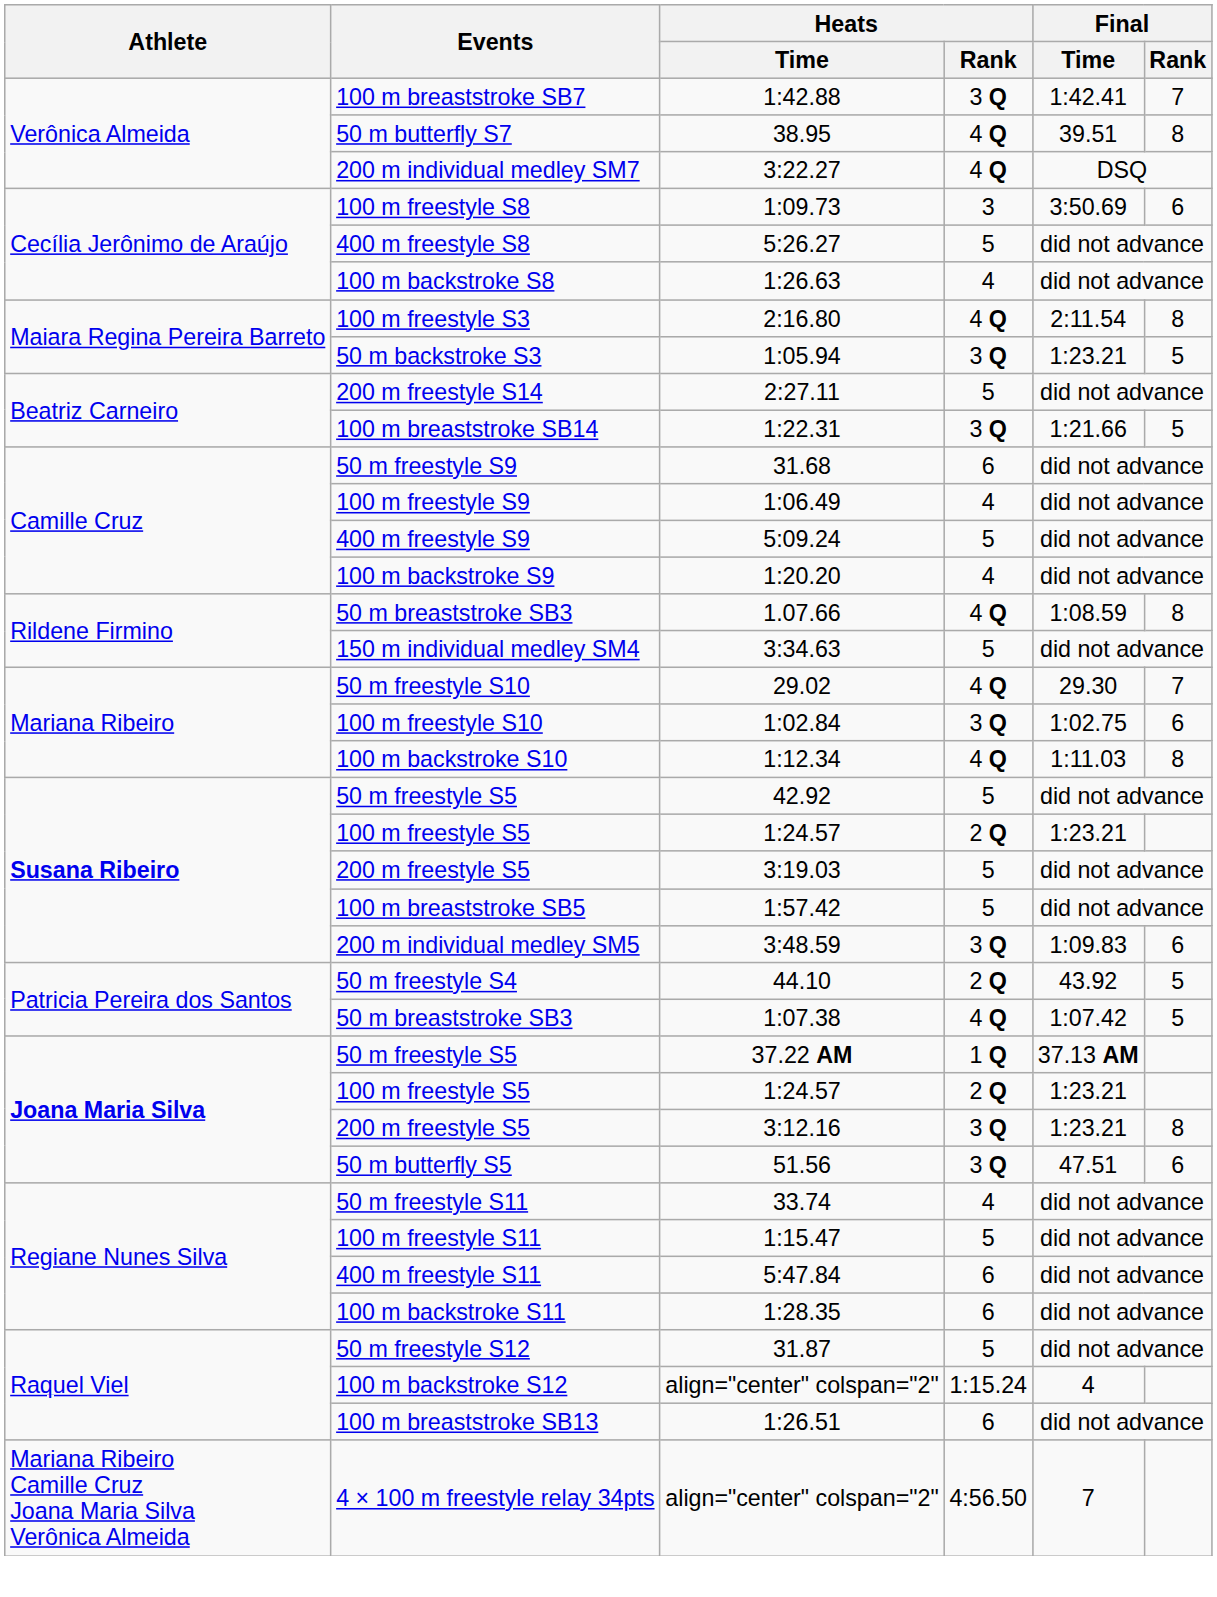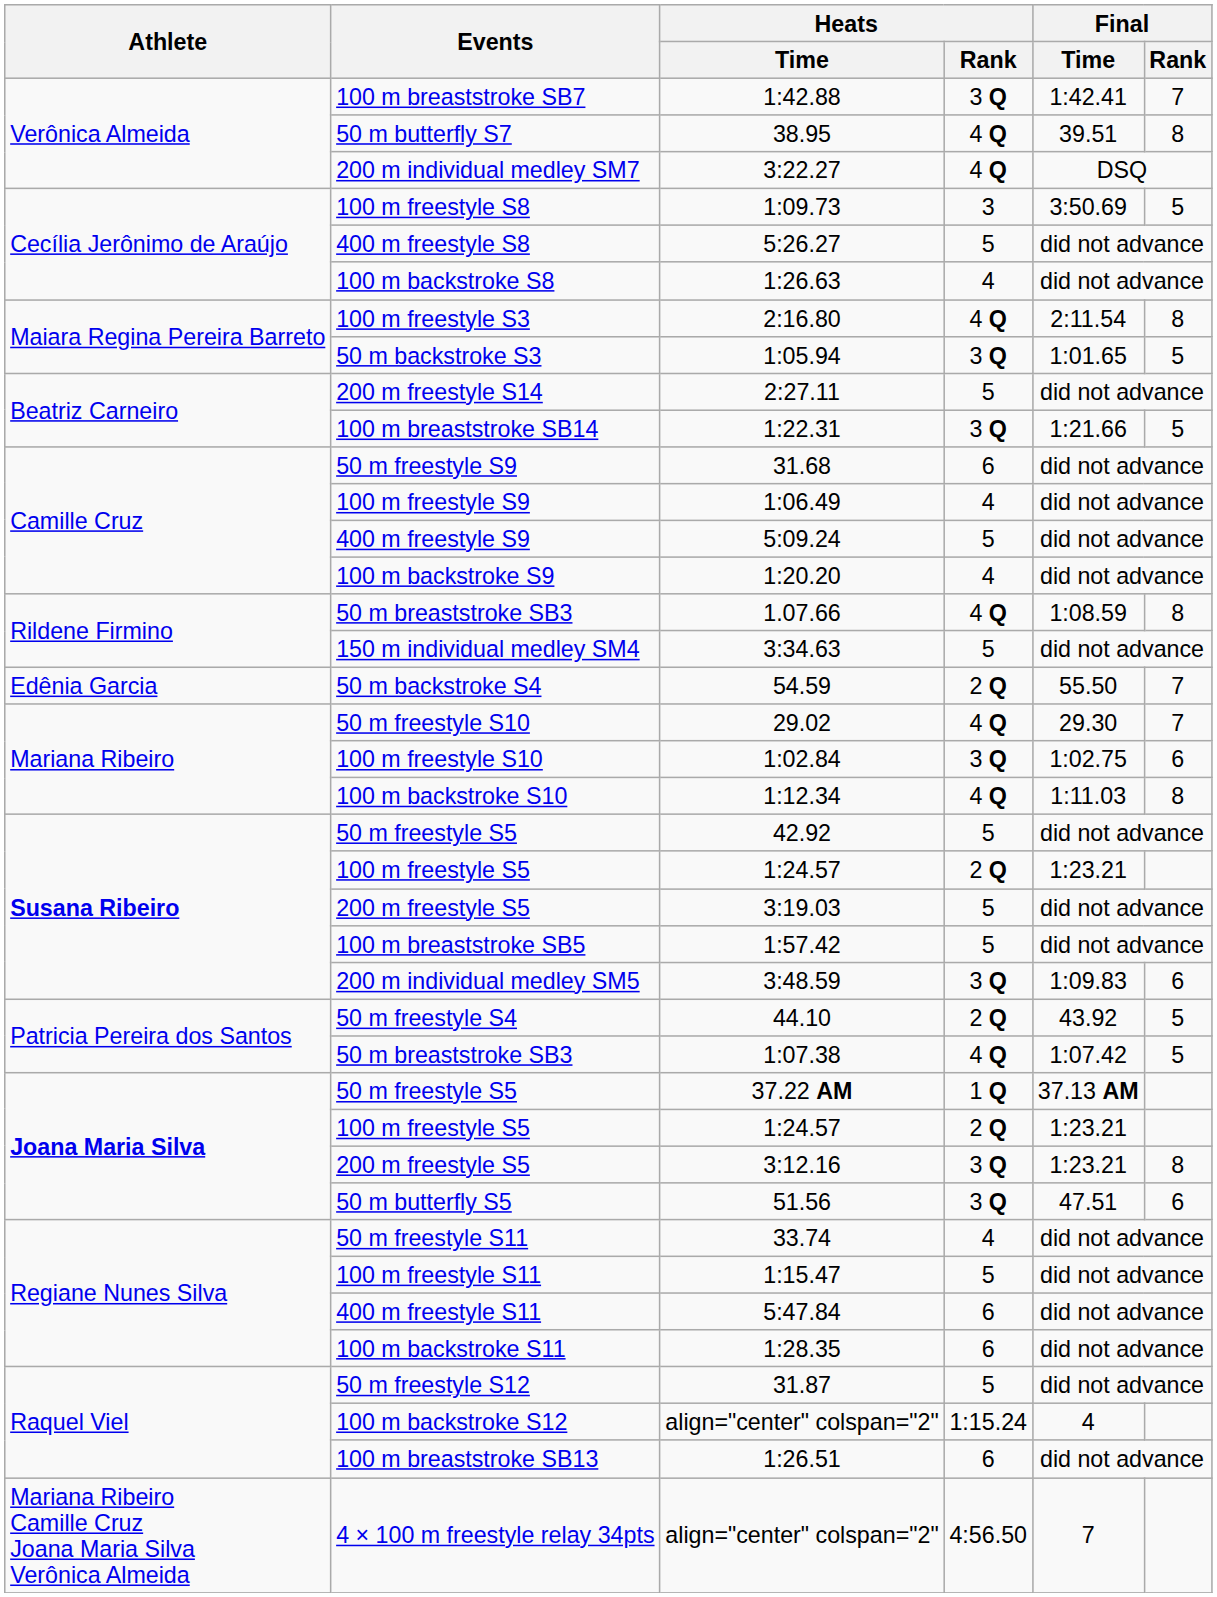 <table class=wikitable style="font-size:95%">
 <tr>
 <th rowspan="2">Athlete</th>
 <th rowspan="2">Events</th>
 <th colspan="2">Heats</th>
 <th colspan="2">Final</th>
 </tr>
 <tr>
 <th>Time</th>
 <th>Rank</th>
 <th>Time</th>
 <th>Rank</th>
 </tr>
 <tr>
 <td rowspan="3"><a href='#'>Verônica Almeida</a></td>
 <td><a href='#'>100 m breaststroke SB7</a></td>
 <td style="text-align:center;">1:42.88</td>
 <td style="text-align:center;">3 <strong>Q</strong></td>
 <td style="text-align:center;">1:42.41</td>
 <td style="text-align:center;">7</td>
 </tr>
 <tr>
 <td><a href='#'>50 m butterfly S7</a></td>
 <td style="text-align:center;">38.95</td>
 <td style="text-align:center;">4 <strong>Q</strong></td>
 <td style="text-align:center;">39.51</td>
 <td style="text-align:center;">8</td>
 </tr>
 <tr>
 <td><a href='#'>200 m individual medley SM7</a></td>
 <td style="text-align:center;">3:22.27</td>
 <td style="text-align:center;">4 <strong>Q</strong></td>
 <td align="center" colspan=2>DSQ</td>
 </tr>
 <tr>
 <td rowspan="3"><a href='#'>Cecília Jerônimo de Araújo</a></td>
 <td><a href='#'>100 m freestyle S8</a></td>
 <td style="text-align:center;">1:09.73</td>
 <td style="text-align:center;">3</td>
 <td style="text-align:center;">3:50.69</td>
-<td style="text-align:center;">6</td>
+<td style="text-align:center;">5</td>
 </tr>
 <tr>
 <td><a href='#'>400 m freestyle S8</a></td>
 <td style="text-align:center;">5:26.27</td>
 <td style="text-align:center;">5</td>
 <td align="center" colspan=2>did not advance</td>
 </tr>
 <tr>
 <td><a href='#'>100 m backstroke S8</a></td>
 <td style="text-align:center;">1:26.63</td>
 <td style="text-align:center;">4</td>
 <td align="center" colspan=2>did not advance</td>
 </tr>
 <tr>
 <td rowspan="2"><a href='#'>Maiara Regina Pereira Barreto</a></td>
 <td><a href='#'>100 m freestyle S3</a></td>
 <td style="text-align:center;">2:16.80</td>
 <td style="text-align:center;">4 <strong>Q</strong></td>
 <td style="text-align:center;">2:11.54</td>
 <td style="text-align:center;">8</td>
 </tr>
 <tr>
 <td><a href='#'>50 m backstroke S3</a></td>
 <td style="text-align:center;">1:05.94</td>
 <td style="text-align:center;">3 <strong>Q</strong></td>
-<td style="text-align:center;">1:23.21</td>
+<td style="text-align:center;">1:01.65</td>
 <td style="text-align:center;">5</td>
 </tr>
 <tr>
 <td rowspan="2"><a href='#'>Beatriz Carneiro</a></td>
 <td><a href='#'>200 m freestyle S14</a></td>
 <td style="text-align:center;">2:27.11</td>
 <td style="text-align:center;">5</td>
 <td align="center" colspan=2>did not advance</td>
 </tr>
 <tr>
 <td><a href='#'>100 m breaststroke SB14</a></td>
 <td style="text-align:center;">1:22.31</td>
 <td style="text-align:center;">3 <strong>Q</strong></td>
 <td style="text-align:center;">1:21.66</td>
 <td style="text-align:center;">5</td>
 </tr>
 <tr>
 <td rowspan="4"><a href='#'>Camille Cruz</a></td>
 <td><a href='#'>50 m freestyle S9</a></td>
 <td style="text-align:center;">31.68</td>
 <td style="text-align:center;">6</td>
 <td align="center" colspan=2>did not advance</td>
 </tr>
 <tr>
 <td><a href='#'>100 m freestyle S9</a></td>
 <td style="text-align:center;">1:06.49</td>
 <td style="text-align:center;">4</td>
 <td align="center" colspan=2>did not advance</td>
 </tr>
 <tr>
 <td><a href='#'>400 m freestyle S9</a></td>
 <td style="text-align:center;">5:09.24</td>
 <td style="text-align:center;">5</td>
 <td align="center" colspan=2>did not advance</td>
 </tr>
 <tr>
 <td><a href='#'>100 m backstroke S9</a></td>
 <td style="text-align:center;">1:20.20</td>
 <td style="text-align:center;">4</td>
 <td align="center" colspan=2>did not advance</td>
 </tr>
 <tr>
 <td rowspan="2"><a href='#'>Rildene Firmino</a></td>
 <td><a href='#'>50 m breaststroke SB3</a></td>
 <td style="text-align:center;">1.07.66</td>
 <td style="text-align:center;">4 <strong>Q</strong></td>
 <td style="text-align:center;">1:08.59</td>
 <td style="text-align:center;">8</td>
 </tr>
 <tr>
 <td><a href='#'>150 m individual medley SM4</a></td>
 <td style="text-align:center;">3:34.63</td>
 <td style="text-align:center;">5</td>
 <td align="center" colspan=2>did not advance</td>
+</tr>
+<tr>
+<td><a href='#'>Edênia Garcia</a></td>
+<td><a href='#'>50 m backstroke S4</a></td>
+<td style="text-align:center;">54.59</td>
+<td style="text-align:center;">2 <strong>Q</strong></td>
+<td style="text-align:center;">55.50</td>
+<td style="text-align:center;">7</td>
 </tr>
 <tr>
 <td rowspan="3"><a href='#'>Mariana Ribeiro</a></td>
 <td><a href='#'>50 m freestyle S10</a></td>
 <td style="text-align:center;">29.02</td>
 <td style="text-align:center;">4 <strong>Q</strong></td>
 <td style="text-align:center;">29.30</td>
 <td style="text-align:center;">7</td>
 </tr>
 <tr>
 <td><a href='#'>100 m freestyle S10</a></td>
 <td style="text-align:center;">1:02.84</td>
 <td style="text-align:center;">3 <strong>Q</strong></td>
 <td style="text-align:center;">1:02.75</td>
 <td style="text-align:center;">6</td>
 </tr>
 <tr>
 <td><a href='#'>100 m backstroke S10</a></td>
 <td style="text-align:center;">1:12.34</td>
 <td style="text-align:center;">4 <strong>Q</strong></td>
 <td style="text-align:center;">1:11.03</td>
 <td style="text-align:center;">8</td>
 </tr>
 <tr>
 <td rowspan="5"><strong><a href='#'>Susana Ribeiro</a></strong></td>
 <td><a href='#'>50 m freestyle S5</a></td>
 <td style="text-align:center;">42.92</td>
 <td style="text-align:center;">5</td>
 <td align="center" colspan=2>did not advance</td>
 </tr>
 <tr>
 <td><a href='#'>100 m freestyle S5</a></td>
 <td style="text-align:center;">1:24.57</td>
 <td style="text-align:center;">2 <strong>Q</strong></td>
 <td style="text-align:center;">1:23.21</td>
 <td style="text-align:center;"></td>
 </tr>
 <tr>
 <td><a href='#'>200 m freestyle S5</a></td>
 <td style="text-align:center;">3:19.03</td>
 <td style="text-align:center;">5</td>
 <td align="center" colspan=2>did not advance</td>
 </tr>
 <tr>
 <td><a href='#'>100 m breaststroke SB5</a></td>
 <td style="text-align:center;">1:57.42</td>
 <td style="text-align:center;">5</td>
 <td align="center" colspan=2>did not advance</td>
 </tr>
 <tr>
 <td><a href='#'>200 m individual medley SM5</a></td>
 <td style="text-align:center;">3:48.59</td>
 <td style="text-align:center;">3 <strong>Q</strong></td>
 <td style="text-align:center;">1:09.83</td>
 <td style="text-align:center;">6</td>
 </tr>
 <tr>
 <td rowspan="2"><a href='#'>Patricia Pereira dos Santos</a></td>
 <td><a href='#'>50 m freestyle S4</a></td>
 <td style="text-align:center;">44.10</td>
 <td style="text-align:center;">2 <strong>Q</strong></td>
 <td style="text-align:center;">43.92</td>
 <td style="text-align:center;">5</td>
 </tr>
 <tr>
 <td><a href='#'>50 m breaststroke SB3</a></td>
 <td style="text-align:center;">1:07.38</td>
 <td style="text-align:center;">4 <strong>Q</strong></td>
 <td style="text-align:center;">1:07.42</td>
 <td style="text-align:center;">5</td>
 </tr>
 <tr>
 <td rowspan="4"><strong><a href='#'>Joana Maria Silva</a></strong></td>
 <td><a href='#'>50 m freestyle S5</a></td>
 <td style="text-align:center;">37.22 <strong>AM</strong></td>
 <td style="text-align:center;">1 <strong>Q</strong></td>
 <td style="text-align:center;">37.13 <strong>AM</strong></td>
 <td style="text-align:center;"></td>
 </tr>
 <tr>
 <td><a href='#'>100 m freestyle S5</a></td>
 <td style="text-align:center;">1:24.57</td>
 <td style="text-align:center;">2 <strong>Q</strong></td>
 <td style="text-align:center;">1:23.21</td>
 <td style="text-align:center;"></td>
 </tr>
 <tr>
 <td><a href='#'>200 m freestyle S5</a></td>
 <td style="text-align:center;">3:12.16</td>
 <td style="text-align:center;">3 <strong>Q</strong></td>
 <td style="text-align:center;">1:23.21</td>
 <td style="text-align:center;">8</td>
 </tr>
 <tr>
 <td><a href='#'>50 m butterfly S5</a></td>
 <td style="text-align:center;">51.56</td>
 <td style="text-align:center;">3 <strong>Q</strong></td>
 <td style="text-align:center;">47.51</td>
 <td style="text-align:center;">6</td>
 </tr>
 <tr>
 <td rowspan="4"><a href='#'>Regiane Nunes Silva</a></td>
 <td><a href='#'>50 m freestyle S11</a></td>
 <td style="text-align:center;">33.74</td>
 <td style="text-align:center;">4</td>
 <td align="center" colspan=2>did not advance</td>
 </tr>
 <tr>
 <td><a href='#'>100 m freestyle S11</a></td>
 <td style="text-align:center;">1:15.47</td>
 <td style="text-align:center;">5</td>
 <td align="center" colspan=2>did not advance</td>
 </tr>
 <tr>
 <td><a href='#'>400 m freestyle S11</a></td>
 <td style="text-align:center;">5:47.84</td>
 <td style="text-align:center;">6</td>
 <td align="center" colspan=2>did not advance</td>
 </tr>
 <tr>
 <td><a href='#'>100 m backstroke S11</a></td>
 <td style="text-align:center;">1:28.35</td>
 <td style="text-align:center;">6</td>
 <td align="center" colspan=2>did not advance</td>
 </tr>
 <tr>
 <td rowspan="3"><a href='#'>Raquel Viel</a></td>
 <td><a href='#'>50 m freestyle S12</a></td>
 <td style="text-align:center;">31.87</td>
 <td style="text-align:center;">5</td>
 <td align="center" colspan=2>did not advance</td>
 </tr>
 <tr>
 <td><a href='#'>100 m backstroke S12</a></td>
 <td>align="center" colspan="2" </td>
 <td style="text-align:center;">1:15.24</td>
 <td style="text-align:center;">4</td>
 </tr>
 <tr>
 <td><a href='#'>100 m breaststroke SB13</a></td>
 <td style="text-align:center;">1:26.51</td>
 <td style="text-align:center;">6</td>
 <td align="center" colspan=2>did not advance</td>
 </tr>
 <tr>
 <td><a href='#'>Mariana Ribeiro</a><br><a href='#'>Camille Cruz</a><br><a href='#'>Joana Maria Silva</a><br><a href='#'>Verônica Almeida</a></td>
 <td><a href='#'>4 × 100 m freestyle relay 34pts</a></td>
 <td>align="center" colspan="2" </td>
 <td style="text-align:center;">4:56.50</td>
 <td style="text-align:center;">7</td>
 </tr>
 </table>
